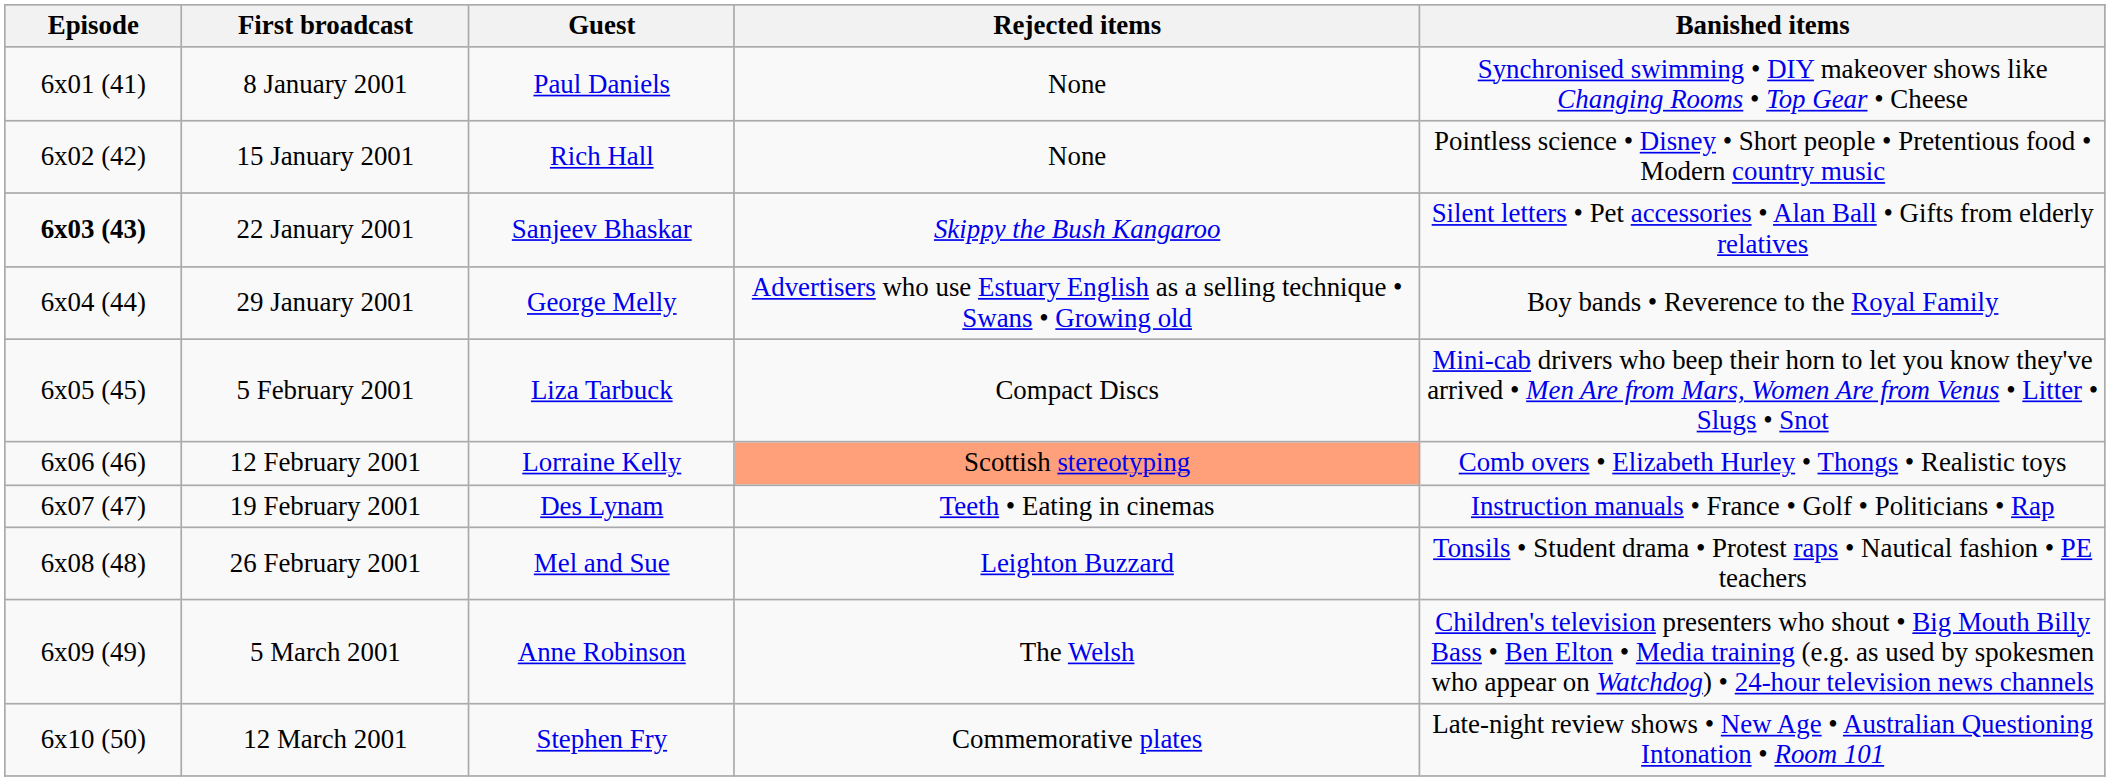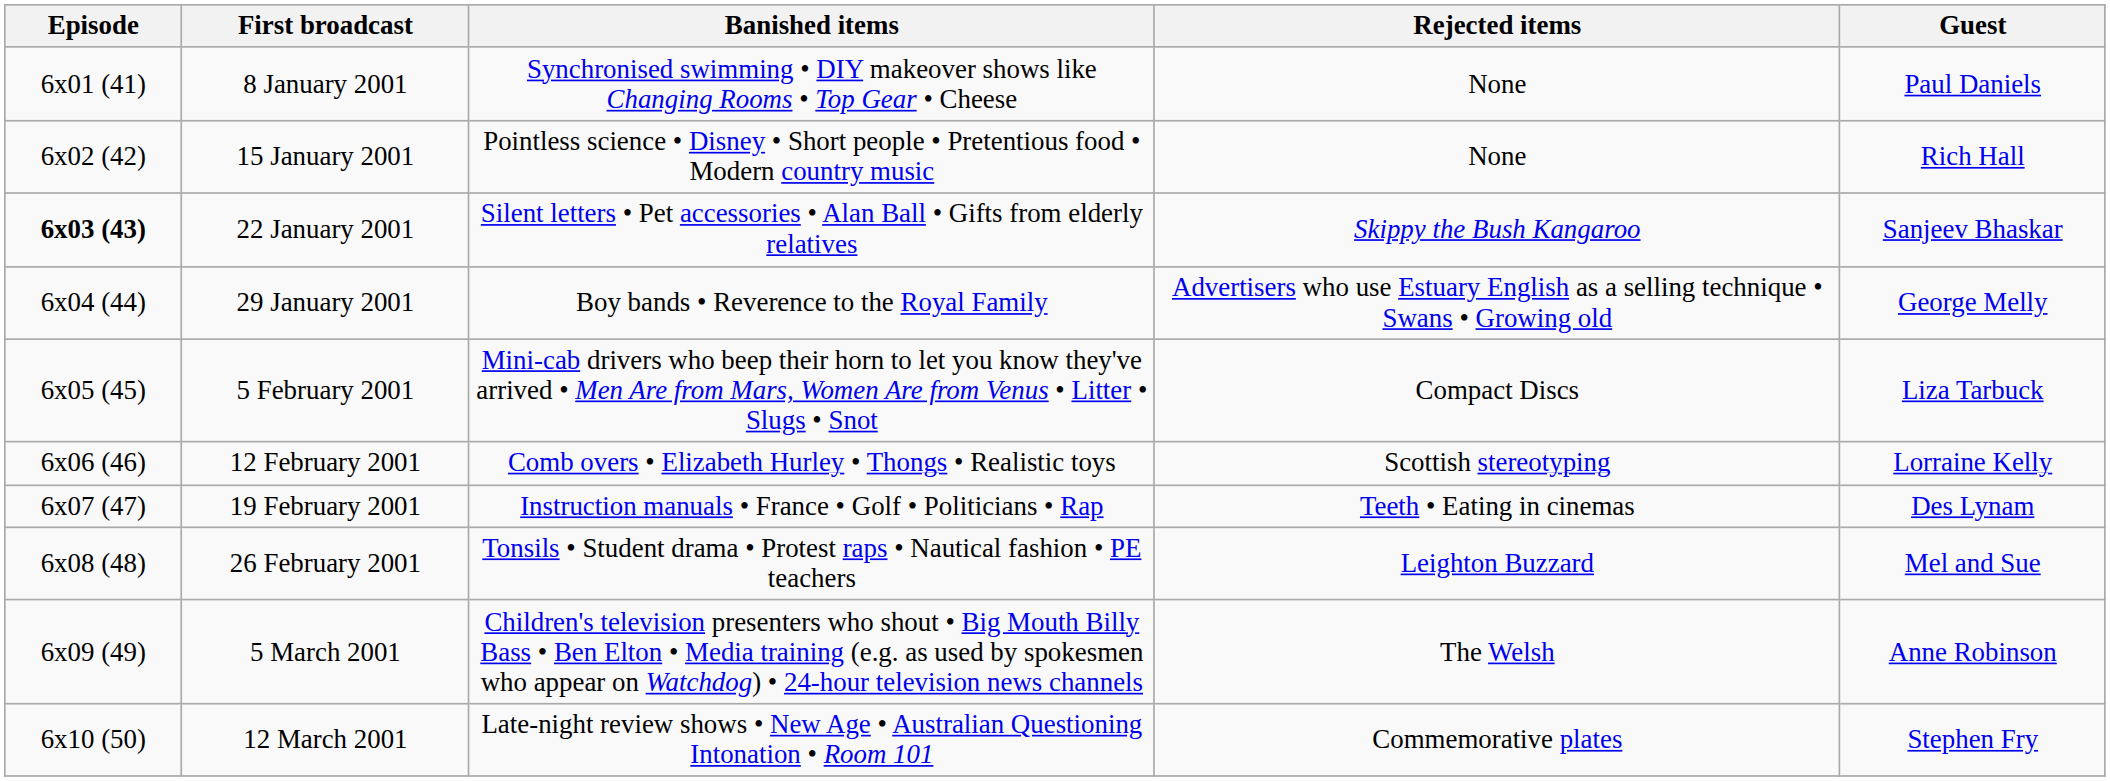 <table class="wikitable"  style="width:99%; left:0 auto; text-align:center;">
 <tr>
 <th style="width:8%;">Episode</th>
 <th style="width:13%;">First broadcast</th>
+<th style="width:31%;">Banished items</th>
+<th style="width:31%;">Rejected items</th>
 <th style="width:12%;">Guest</th>
-<th style="width:31%;">Rejected items</th>
-<th style="width:31%;">Banished items</th>
 </tr>
 <tr>
 <td>6x01 (41)</td>
 <td>8 January 2001</td>
+<td><a href='#'>Synchronised swimming</a> • <a href='#'>DIY</a> makeover shows like <em><a href='#'>Changing Rooms</a></em> • <em><a href='#'>Top Gear</a></em> • Cheese</td>
+<td>None</td>
 <td><a href='#'>Paul Daniels</a></td>
-<td>None</td>
-<td><a href='#'>Synchronised swimming</a> • <a href='#'>DIY</a> makeover shows like <em><a href='#'>Changing Rooms</a></em> • <em><a href='#'>Top Gear</a></em> • Cheese</td>
 </tr>
 <tr>
 <td>6x02 (42)</td>
 <td>15 January 2001</td>
+<td>Pointless science • <a href='#'>Disney</a> • Short people • Pretentious food • Modern <a href='#'>country music</a></td>
+<td>None</td>
 <td><a href='#'>Rich Hall</a></td>
-<td>None</td>
-<td>Pointless science • <a href='#'>Disney</a> • Short people • Pretentious food • Modern <a href='#'>country music</a></td>
 </tr>
 <tr>
 <td><strong>6x03 (43)</strong></td>
 <td>22 January 2001</td>
+<td><a href='#'>Silent letters</a> • Pet <a href='#'>accessories</a> • <a href='#'>Alan Ball</a> • Gifts from elderly <a href='#'>relatives</a></td>
+<td><em><a href='#'>Skippy the Bush Kangaroo</a></em></td>
 <td><a href='#'>Sanjeev Bhaskar</a></td>
-<td><em><a href='#'>Skippy the Bush Kangaroo</a></em></td>
-<td><a href='#'>Silent letters</a> • Pet <a href='#'>accessories</a> • <a href='#'>Alan Ball</a> • Gifts from elderly <a href='#'>relatives</a></td>
 </tr>
 <tr>
 <td>6x04 (44)</td>
 <td>29 January 2001</td>
+<td>Boy bands • Reverence to the <a href='#'>Royal Family</a></td>
+<td><a href='#'>Advertisers</a> who use <a href='#'>Estuary English</a> as a selling technique • <a href='#'>Swans</a> • <a href='#'>Growing old</a></td>
 <td><a href='#'>George Melly</a></td>
-<td><a href='#'>Advertisers</a> who use <a href='#'>Estuary English</a> as a selling technique • <a href='#'>Swans</a> • <a href='#'>Growing old</a></td>
-<td>Boy bands • Reverence to the <a href='#'>Royal Family</a></td>
 </tr>
 <tr>
 <td>6x05 (45)</td>
 <td>5 February 2001</td>
+<td><a href='#'>Mini-cab</a> drivers who beep their horn to let you know they've arrived • <em><a href='#'>Men Are from Mars, Women Are from Venus</a></em> • <a href='#'>Litter</a> • <a href='#'>Slugs</a> • <a href='#'>Snot</a></td>
+<td>Compact Discs</td>
 <td><a href='#'>Liza Tarbuck</a></td>
-<td>Compact Discs</td>
-<td><a href='#'>Mini-cab</a> drivers who beep their horn to let you know they've arrived • <em><a href='#'>Men Are from Mars, Women Are from Venus</a></em> • <a href='#'>Litter</a> • <a href='#'>Slugs</a> • <a href='#'>Snot</a></td>
 </tr>
 <tr>
 <td>6x06 (46)</td>
 <td>12 February 2001</td>
+<td><a href='#'>Comb overs</a> • <a href='#'>Elizabeth Hurley</a> • <a href='#'>Thongs</a> • Realistic toys</td>
+<td>Scottish <a href='#'>stereotyping</a></td>
 <td><a href='#'>Lorraine Kelly</a></td>
-<td style="background: lightsalmon;">Scottish <a href='#'>stereotyping</a></td>
-<td><a href='#'>Comb overs</a> • <a href='#'>Elizabeth Hurley</a> • <a href='#'>Thongs</a> • Realistic toys</td>
 </tr>
 <tr>
 <td>6x07 (47)</td>
 <td>19 February 2001</td>
+<td><a href='#'>Instruction manuals</a> • France • Golf • Politicians • <a href='#'>Rap</a></td>
+<td><a href='#'>Teeth</a> • Eating in cinemas</td>
 <td><a href='#'>Des Lynam</a></td>
-<td><a href='#'>Teeth</a> • Eating in cinemas</td>
-<td><a href='#'>Instruction manuals</a> • France • Golf • Politicians • <a href='#'>Rap</a></td>
 </tr>
 <tr>
 <td>6x08 (48)</td>
 <td>26 February 2001</td>
+<td><a href='#'>Tonsils</a> • Student drama • Protest <a href='#'>raps</a> • Nautical fashion • <a href='#'>PE</a> teachers</td>
+<td><a href='#'>Leighton Buzzard</a></td>
 <td><a href='#'>Mel and Sue</a></td>
-<td><a href='#'>Leighton Buzzard</a></td>
-<td><a href='#'>Tonsils</a> • Student drama • Protest <a href='#'>raps</a> • Nautical fashion • <a href='#'>PE</a> teachers</td>
 </tr>
 <tr>
 <td>6x09 (49)</td>
 <td>5 March 2001</td>
+<td><a href='#'>Children's television</a> presenters who shout • <a href='#'>Big Mouth Billy Bass</a> • <a href='#'>Ben Elton</a> • <a href='#'>Media training</a> (e.g. as used by spokesmen who appear on <em><a href='#'>Watchdog</a></em>) • <a href='#'>24-hour television news channels</a></td>
+<td>The <a href='#'>Welsh</a></td>
 <td><a href='#'>Anne Robinson</a></td>
-<td>The <a href='#'>Welsh</a></td>
-<td><a href='#'>Children's television</a> presenters who shout • <a href='#'>Big Mouth Billy Bass</a> • <a href='#'>Ben Elton</a> • <a href='#'>Media training</a> (e.g. as used by spokesmen who appear on <em><a href='#'>Watchdog</a></em>) • <a href='#'>24-hour television news channels</a></td>
 </tr>
 <tr>
 <td>6x10 (50)</td>
 <td>12 March 2001</td>
+<td>Late-night review shows • <a href='#'>New Age</a> • <a href='#'>Australian Questioning Intonation</a> • <em><a href='#'>Room 101</a></em></td>
+<td>Commemorative <a href='#'>plates</a></td>
 <td><a href='#'>Stephen Fry</a></td>
-<td>Commemorative <a href='#'>plates</a></td>
-<td>Late-night review shows • <a href='#'>New Age</a> • <a href='#'>Australian Questioning Intonation</a> • <em><a href='#'>Room 101</a></em></td>
 </tr>
 </table>
